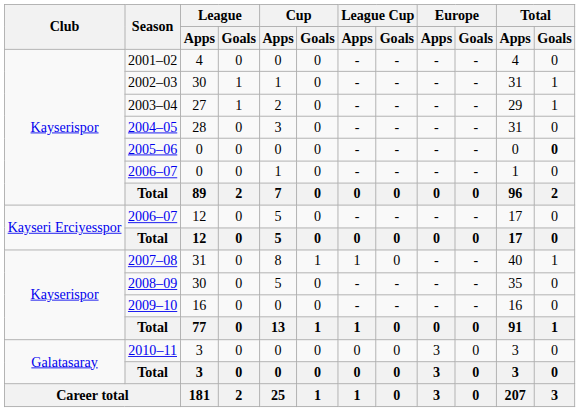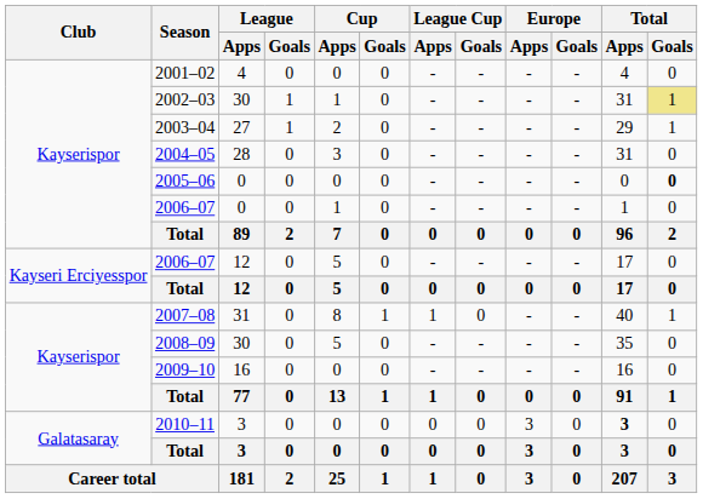 <table class="wikitable" style="text-align: center;">
 <tr>
 <th rowspan="2">Club</th>
 <th rowspan="2">Season</th>
 <th colspan="2">League</th>
 <th colspan="2">Cup</th>
 <th colspan="2">League Cup</th>
 <th colspan="2">Europe</th>
 <th colspan="2">Total</th>
 </tr>
 <tr>
 <th>Apps</th>
 <th>Goals</th>
 <th>Apps</th>
 <th>Goals</th>
 <th>Apps</th>
 <th>Goals</th>
 <th>Apps</th>
 <th>Goals</th>
 <th>Apps</th>
 <th>Goals</th>
 </tr>
 <tr>
 <td rowspan="7" valign="center"><a href='#'>Kayserispor</a></td>
 <td>2001–02</td>
 <td>4</td>
 <td>0</td>
 <td>0</td>
 <td>0</td>
 <td>-</td>
 <td>-</td>
 <td>-</td>
 <td>-</td>
 <td>4</td>
 <td>0</td>
 </tr>
 <tr>
 <td>2002–03</td>
 <td>30</td>
 <td>1</td>
 <td>1</td>
 <td>0</td>
 <td>-</td>
 <td>-</td>
 <td>-</td>
 <td>-</td>
 <td>31</td>
-<td>1</td>
+<td style="background: khaki;">1</td>
 </tr>
 <tr>
 <td>2003–04</td>
 <td>27</td>
 <td>1</td>
 <td>2</td>
 <td>0</td>
 <td>-</td>
 <td>-</td>
 <td>-</td>
 <td>-</td>
 <td>29</td>
 <td>1</td>
 </tr>
 <tr>
 <td><a href='#'>2004–05</a></td>
 <td>28</td>
 <td>0</td>
 <td>3</td>
 <td>0</td>
 <td>-</td>
 <td>-</td>
 <td>-</td>
 <td>-</td>
 <td>31</td>
 <td>0</td>
 </tr>
 <tr>
 <td><a href='#'>2005–06</a></td>
 <td>0</td>
 <td>0</td>
 <td>0</td>
 <td>0</td>
 <td>-</td>
 <td>-</td>
 <td>-</td>
 <td>-</td>
 <td>0</td>
 <td><strong>0</strong></td>
 </tr>
 <tr>
 <td><a href='#'>2006–07</a></td>
 <td>0</td>
 <td>0</td>
 <td>1</td>
 <td>0</td>
 <td>-</td>
 <td>-</td>
 <td>-</td>
 <td>-</td>
 <td>1</td>
 <td>0</td>
 </tr>
 <tr>
 <th>Total</th>
 <th>89</th>
 <th>2</th>
 <th>7</th>
 <th>0</th>
 <th>0</th>
 <th>0</th>
 <th>0</th>
 <th>0</th>
 <th>96</th>
 <th>2</th>
 </tr>
 <tr>
 <td rowspan="2" valign="center"><a href='#'>Kayseri Erciyesspor</a></td>
 <td><a href='#'>2006–07</a></td>
 <td>12</td>
 <td>0</td>
 <td>5</td>
 <td>0</td>
 <td>-</td>
 <td>-</td>
 <td>-</td>
 <td>-</td>
 <td>17</td>
 <td>0</td>
 </tr>
 <tr>
 <th>Total</th>
 <th>12</th>
 <th>0</th>
 <th>5</th>
 <th>0</th>
 <th>0</th>
 <th>0</th>
 <th>0</th>
 <th>0</th>
 <th>17</th>
 <th>0</th>
 </tr>
 <tr>
 <td rowspan="4" valign="center"><a href='#'>Kayserispor</a></td>
 <td><a href='#'>2007–08</a></td>
 <td>31</td>
 <td>0</td>
 <td>8</td>
 <td>1</td>
 <td>1</td>
 <td>0</td>
 <td>-</td>
 <td>-</td>
 <td>40</td>
 <td>1</td>
 </tr>
 <tr>
 <td><a href='#'>2008–09</a></td>
 <td>30</td>
 <td>0</td>
 <td>5</td>
 <td>0</td>
 <td>-</td>
 <td>-</td>
 <td>-</td>
 <td>-</td>
 <td>35</td>
 <td>0</td>
 </tr>
 <tr>
 <td><a href='#'>2009–10</a></td>
 <td>16</td>
 <td>0</td>
 <td>0</td>
 <td>0</td>
 <td>-</td>
 <td>-</td>
 <td>-</td>
 <td>-</td>
 <td>16</td>
 <td>0</td>
 </tr>
 <tr>
 <th>Total</th>
 <th>77</th>
 <th>0</th>
 <th>13</th>
 <th>1</th>
 <th>1</th>
 <th>0</th>
 <th>0</th>
 <th>0</th>
 <th>91</th>
 <th>1</th>
 </tr>
 <tr>
 <td rowspan="2" valign="center"><a href='#'>Galatasaray</a></td>
 <td><a href='#'>2010–11</a></td>
 <td>3</td>
 <td>0</td>
 <td>0</td>
 <td>0</td>
 <td>0</td>
 <td>0</td>
 <td>3</td>
 <td>0</td>
-<td>3</td>
+<td><strong>3</strong></td>
 <td>0</td>
 </tr>
 <tr>
 <th>Total</th>
 <th>3</th>
 <th>0</th>
 <th>0</th>
 <th>0</th>
 <th>0</th>
 <th>0</th>
 <th>3</th>
 <th>0</th>
 <th>3</th>
 <th>0</th>
 </tr>
 <tr>
 <th colspan="2">Career total</th>
 <th>181</th>
 <th>2</th>
 <th>25</th>
 <th>1</th>
 <th>1</th>
 <th>0</th>
 <th>3</th>
 <th>0</th>
 <th>207</th>
 <th>3</th>
 </tr>
 </table>
